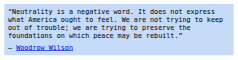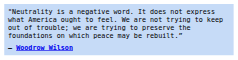 <table class="toccolours" style="float: right; margin-left: 1em; margin-right: 2em; font-size: 85%; background:#c6dbf7; color:black; width:34em; max-width: 40%;" cellspacing="5">
 <tr>
 <td style="text-align: left;">"Neutrality is a negative word. It does not express what America ought to feel. We are not trying to keep out of trouble; we are trying to preserve the foundations on which peace may be rebuilt.”</td>
 </tr>
 <tr>
-<td style="text-align: left;">— <a href='#'>Woodrow Wilson</a></td>
+<td style="text-align: left;"><strong>— <a href='#'>Woodrow Wilson</a></strong></td>
 </tr>
 </table>
